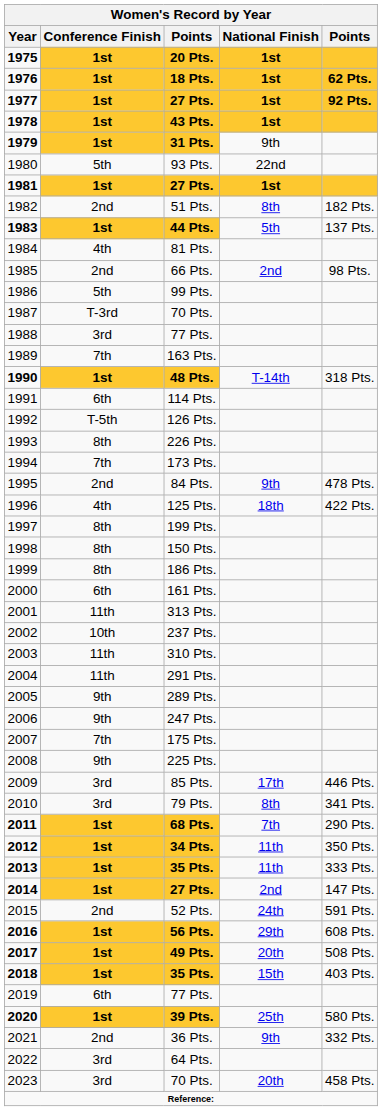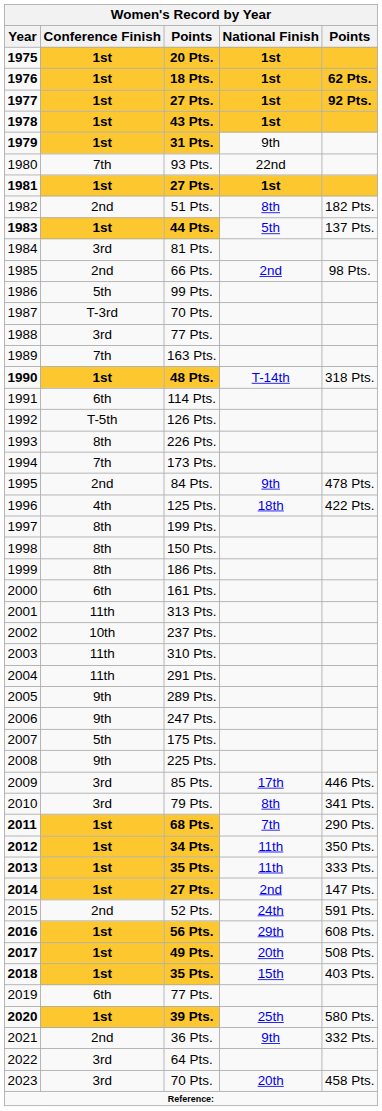 <table class="wikitable">
 <tr>
 <th colspan="5">Women's Record by Year</th>
 </tr>
 <tr>
 <th scope="col">Year</th>
 <th scope="col">Conference Finish</th>
 <th scope="col">Points</th>
 <th scope="col">National Finish</th>
 <th scope="col">Points</th>
 </tr>
 <tr>
 <td><strong>1975</strong></td>
 <td style="text-align: center;background: #FDC82F"><strong>1st</strong></td>
 <td style="text-align: center;background: #FDC82F"><strong>20 Pts.</strong></td>
 <td style="text-align: center;background: #FDC82F"><strong>1st</strong></td>
 <td style="text-align: center;background: #FDC82F"></td>
 </tr>
 <tr>
 <td><strong>1976</strong></td>
 <td style="text-align: center;background: #FDC82F"><strong>1st</strong></td>
 <td style="text-align: center;background: #FDC82F"><strong>18 Pts.</strong></td>
 <td style="text-align: center;background: #FDC82F"><strong>1st</strong></td>
 <td style="text-align: center;background: #FDC82F"><strong>62 Pts.</strong></td>
 </tr>
 <tr>
 <td><strong>1977</strong></td>
 <td style="text-align: center;background: #FDC82F"><strong>1st</strong></td>
 <td style="text-align: center;background: #FDC82F"><strong>27 Pts.</strong></td>
 <td style="text-align: center;background: #FDC82F"><strong>1st</strong></td>
 <td style="text-align: center;background: #FDC82F"><strong>92 Pts.</strong></td>
 </tr>
 <tr>
 <td><strong>1978</strong></td>
 <td style="text-align: center;background: #FDC82F"><strong>1st</strong></td>
 <td style="text-align: center;background: #FDC82F"><strong>43 Pts.</strong></td>
 <td style="text-align: center;background: #FDC82F"><strong>1st</strong></td>
 <td style="text-align: center;background: #FDC82F"></td>
 </tr>
 <tr>
 <td><strong>1979</strong></td>
 <td style="text-align: center;background: #FDC82F"><strong>1st</strong></td>
 <td style="text-align: center;background: #FDC82F"><strong>31 Pts.</strong></td>
 <td style="text-align: center;">9th</td>
 <td style="text-align: center;"></td>
 </tr>
 <tr>
 <td>1980</td>
-<td style="text-align: center;">5th</td>
+<td style="text-align: center;">7th</td>
 <td style="text-align: center;">93 Pts.</td>
 <td style="text-align: center;">22nd</td>
 <td style="text-align: center;"></td>
 </tr>
 <tr>
 <td><strong>1981</strong></td>
 <td style="text-align: center;background: #FDC82F"><strong>1st</strong></td>
 <td style="text-align: center;background: #FDC82F"><strong>27 Pts.</strong></td>
 <td style="text-align: center;background: #FDC82F"><strong>1st</strong></td>
 <td style="text-align: center;background: #FDC82F"></td>
 </tr>
 <tr>
 <td>1982</td>
 <td style="text-align: center;">2nd</td>
 <td style="text-align: center;">51 Pts.</td>
 <td style="text-align: center;"><a href='#'>8th</a></td>
 <td style="text-align: center;">182 Pts.</td>
 </tr>
 <tr>
 <td><strong>1983</strong></td>
 <td style="text-align: center;background: #FDC82F"><strong>1st</strong></td>
 <td style="text-align: center;background: #FDC82F"><strong>44 Pts.</strong></td>
 <td style="text-align: center;"><a href='#'>5th</a></td>
 <td style="text-align: center;">137 Pts.</td>
 </tr>
 <tr>
 <td>1984</td>
-<td style="text-align: center;">4th</td>
+<td style="text-align: center;">3rd</td>
 <td style="text-align: center;">81 Pts.</td>
 <td style="text-align: center;"></td>
 <td style="text-align: center;"></td>
 </tr>
 <tr>
 <td>1985</td>
 <td style="text-align: center;">2nd</td>
 <td style="text-align: center;">66 Pts.</td>
 <td style="text-align: center;"><a href='#'>2nd</a></td>
 <td style="text-align: center;">98 Pts.</td>
 </tr>
 <tr>
 <td>1986</td>
 <td style="text-align: center;">5th</td>
 <td style="text-align: center;">99 Pts.</td>
 <td style="text-align: center;"></td>
 <td style="text-align: center;"></td>
 </tr>
 <tr>
 <td>1987</td>
 <td style="text-align: center;">T-3rd</td>
 <td style="text-align: center;">70 Pts.</td>
 <td style="text-align: center;"></td>
 <td style="text-align: center;"></td>
 </tr>
 <tr>
 <td>1988</td>
 <td style="text-align: center;">3rd</td>
 <td style="text-align: center;">77 Pts.</td>
 <td style="text-align: center;"></td>
 <td style="text-align: center;"></td>
 </tr>
 <tr>
 <td>1989</td>
 <td style="text-align: center;">7th</td>
 <td style="text-align: center;">163 Pts.</td>
 <td style="text-align: center;"></td>
 <td style="text-align: center;"></td>
 </tr>
 <tr>
 <td><strong>1990</strong></td>
 <td style="text-align: center;background: #FDC82F"><strong>1st</strong></td>
 <td style="text-align: center;background: #FDC82F"><strong>48 Pts.</strong></td>
 <td style="text-align: center;"><a href='#'>T-14th</a></td>
 <td style="text-align: center;">318 Pts.</td>
 </tr>
 <tr>
 <td>1991</td>
 <td style="text-align: center;">6th</td>
 <td style="text-align: center;">114 Pts.</td>
 <td style="text-align: center;"></td>
 <td style="text-align: center;"></td>
 </tr>
 <tr>
 <td>1992</td>
 <td style="text-align: center;">T-5th</td>
 <td style="text-align: center;">126 Pts.</td>
 <td style="text-align: center;"></td>
 <td style="text-align: center;"></td>
 </tr>
 <tr>
 <td>1993</td>
 <td style="text-align: center;">8th</td>
 <td style="text-align: center;">226 Pts.</td>
 <td style="text-align: center;"></td>
 <td style="text-align: center;"></td>
 </tr>
 <tr>
 <td>1994</td>
 <td style="text-align: center;">7th</td>
 <td style="text-align: center;">173 Pts.</td>
 <td style="text-align: center;"></td>
 <td style="text-align: center;"></td>
 </tr>
 <tr>
 <td>1995</td>
 <td style="text-align: center;">2nd</td>
 <td style="text-align: center;">84 Pts.</td>
 <td style="text-align: center;"><a href='#'>9th</a></td>
 <td style="text-align: center;">478 Pts.</td>
 </tr>
 <tr>
 <td>1996</td>
 <td style="text-align: center;">4th</td>
 <td style="text-align: center;">125 Pts.</td>
 <td style="text-align: center;"><a href='#'>18th</a></td>
 <td style="text-align: center;">422 Pts.</td>
 </tr>
 <tr>
 <td>1997</td>
 <td style="text-align: center;">8th</td>
 <td style="text-align: center;">199 Pts.</td>
 <td style="text-align: center;"></td>
 <td style="text-align: center;"></td>
 </tr>
 <tr>
 <td>1998</td>
 <td style="text-align: center;">8th</td>
 <td style="text-align: center;">150 Pts.</td>
 <td style="text-align: center;"></td>
 <td style="text-align: center;"></td>
 </tr>
 <tr>
 <td>1999</td>
 <td style="text-align: center;">8th</td>
 <td style="text-align: center;">186 Pts.</td>
 <td style="text-align: center;"></td>
 <td style="text-align: center;"></td>
 </tr>
 <tr>
 <td>2000</td>
 <td style="text-align: center;">6th</td>
 <td style="text-align: center;">161 Pts.</td>
 <td style="text-align: center;"></td>
 <td style="text-align: center;"></td>
 </tr>
 <tr>
 <td>2001</td>
 <td style="text-align: center;">11th</td>
 <td style="text-align: center;">313 Pts.</td>
 <td style="text-align: center;"></td>
 <td style="text-align: center;"></td>
 </tr>
 <tr>
 <td>2002</td>
 <td style="text-align: center;">10th</td>
 <td style="text-align: center;">237 Pts.</td>
 <td style="text-align: center;"></td>
 <td style="text-align: center;"></td>
 </tr>
 <tr>
 <td>2003</td>
 <td style="text-align: center;">11th</td>
 <td style="text-align: center;">310 Pts.</td>
 <td style="text-align: center;"></td>
 <td style="text-align: center;"></td>
 </tr>
 <tr>
 <td>2004</td>
 <td style="text-align: center;">11th</td>
 <td style="text-align: center;">291 Pts.</td>
 <td style="text-align: center;"></td>
 <td style="text-align: center;"></td>
 </tr>
 <tr>
 <td>2005</td>
 <td style="text-align: center;">9th</td>
 <td style="text-align: center;">289 Pts.</td>
 <td style="text-align: center;"></td>
 <td style="text-align: center;"></td>
 </tr>
 <tr>
 <td>2006</td>
 <td style="text-align: center;">9th</td>
 <td style="text-align: center;">247 Pts.</td>
 <td style="text-align: center;"></td>
 <td style="text-align: center;"></td>
 </tr>
 <tr>
 <td>2007</td>
-<td style="text-align: center;">7th</td>
+<td style="text-align: center;">5th</td>
 <td style="text-align: center;">175 Pts.</td>
 <td style="text-align: center;"></td>
 <td style="text-align: center;"></td>
 </tr>
 <tr>
 <td>2008</td>
 <td style="text-align: center;">9th</td>
 <td style="text-align: center;">225 Pts.</td>
 <td style="text-align: center;"></td>
 <td style="text-align: center;"></td>
 </tr>
 <tr>
 <td>2009</td>
 <td style="text-align: center;">3rd</td>
 <td style="text-align: center;">85 Pts.</td>
 <td style="text-align: center;"><a href='#'>17th</a></td>
 <td style="text-align: center;">446 Pts.</td>
 </tr>
 <tr>
 <td>2010</td>
 <td style="text-align: center;">3rd</td>
 <td style="text-align: center;">79 Pts.</td>
 <td style="text-align: center;"><a href='#'>8th</a></td>
 <td style="text-align: center;">341 Pts.</td>
 </tr>
 <tr>
 <td><strong>2011</strong></td>
 <td style="text-align: center;background: #FDC82F"><strong>1st</strong></td>
 <td style="text-align: center;background: #FDC82F"><strong>68 Pts.</strong></td>
 <td style="text-align: center;"><a href='#'>7th</a></td>
 <td style="text-align: center;">290 Pts.</td>
 </tr>
 <tr>
 <td><strong>2012</strong></td>
 <td style="text-align: center;background: #FDC82F"><strong>1st</strong></td>
 <td style="text-align: center;background: #FDC82F"><strong>34 Pts.</strong></td>
 <td style="text-align: center;"><a href='#'>11th</a></td>
 <td style="text-align: center;">350 Pts.</td>
 </tr>
 <tr>
 <td><strong>2013</strong></td>
 <td style="text-align: center;background: #FDC82F"><strong>1st</strong></td>
 <td style="text-align: center;background: #FDC82F"><strong>35 Pts.</strong></td>
 <td style="text-align: center;"><a href='#'>11th</a></td>
 <td style="text-align: center;">333 Pts.</td>
 </tr>
 <tr>
 <td><strong>2014</strong></td>
 <td style="text-align: center;background: #FDC82F"><strong>1st</strong></td>
 <td style="text-align: center;background: #FDC82F"><strong>27 Pts.</strong></td>
 <td style="text-align: center;"><a href='#'>2nd</a></td>
 <td style="text-align: center;">147 Pts.</td>
 </tr>
 <tr>
 <td>2015</td>
 <td style="text-align: center;">2nd</td>
 <td style="text-align: center;">52 Pts.</td>
 <td style="text-align: center;"><a href='#'>24th</a></td>
 <td style="text-align: center;">591 Pts.</td>
 </tr>
 <tr>
 <td><strong>2016</strong></td>
 <td style="text-align: center;background: #FDC82F"><strong>1st</strong></td>
 <td style="text-align: center;background: #FDC82F"><strong>56 Pts.</strong></td>
 <td style="text-align: center;"><a href='#'>29th</a></td>
 <td style="text-align: center;">608 Pts.</td>
 </tr>
 <tr>
 <td><strong>2017</strong></td>
 <td style="text-align: center;background: #FDC82F"><strong>1st</strong></td>
 <td style="text-align: center;background: #FDC82F"><strong>49 Pts.</strong></td>
 <td style="text-align: center;"><a href='#'>20th</a></td>
 <td style="text-align: center;">508 Pts.</td>
 </tr>
 <tr>
 <td><strong>2018</strong></td>
 <td style="text-align: center;background: #FDC82F"><strong>1st</strong></td>
 <td style="text-align: center;background: #FDC82F"><strong>35 Pts.</strong></td>
 <td style="text-align: center;"><a href='#'>15th</a></td>
 <td style="text-align: center;">403 Pts.</td>
 </tr>
 <tr>
 <td>2019</td>
 <td style="text-align: center;">6th</td>
 <td style="text-align: center;">77 Pts.</td>
 <td style="text-align: center;"></td>
 <td style="text-align: center;"></td>
 </tr>
 <tr>
 <td><strong>2020</strong></td>
 <td style="text-align: center;background: #FDC82F"><strong>1st</strong></td>
 <td style="text-align: center;background: #FDC82F"><strong>39 Pts.</strong></td>
 <td style="text-align: center;"><a href='#'>25th</a></td>
 <td style="text-align: center;">580 Pts.</td>
 </tr>
 <tr>
 <td>2021</td>
 <td style="text-align: center;background:">2nd</td>
 <td style="text-align: center;background:">36 Pts.</td>
 <td style="text-align: center;"><a href='#'>9th</a></td>
 <td style="text-align: center;">332 Pts.</td>
 </tr>
 <tr>
 <td>2022</td>
 <td style="text-align: center;background:">3rd</td>
 <td style="text-align: center;background:">64 Pts.</td>
 <td style="text-align: center;"></td>
 <td style="text-align: center;"></td>
 </tr>
 <tr>
 <td>2023</td>
 <td style="text-align: center;background:">3rd</td>
 <td style="text-align: center;background:">70 Pts.</td>
 <td style="text-align: center;"><a href='#'>20th</a></td>
 <td style="text-align: center;">458 Pts.</td>
 </tr>
 <tr>
 <td colspan="5"  style="font-size:8pt; text-align:center;"><strong>Reference:</strong></td>
 </tr>
 </table>
